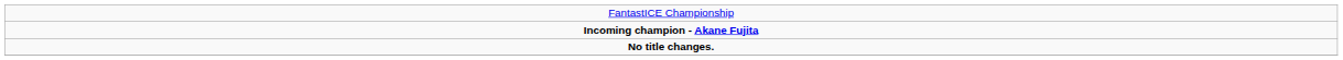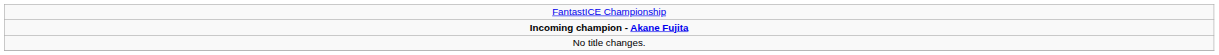 <table class="wikitable" style="text-align:center; width:100%;">
 <tr>
 <td colspan="5" style="text-align: center;"><a href='#'>FantastICE Championship</a></td>
 </tr>
 <tr>
 <td colspan="5" style="text-align: center;"><strong>Incoming champion - <a href='#'>Akane Fujita</a></strong></td>
 </tr>
 <tr>
-<td><strong>No title changes.</strong></td>
+<td>No title changes.</td>
 </tr>
 <tr>
 </tr>
 </table>
